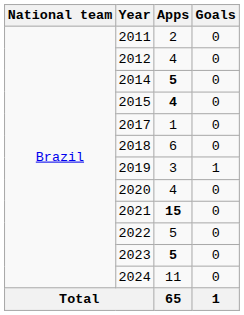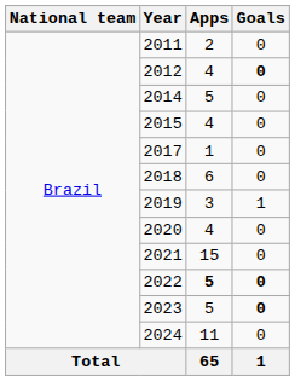 <table class=wikitable style=text-align:center>
 <tr>
 <th>National team</th>
 <th>Year</th>
 <th>Apps</th>
 <th>Goals</th>
 </tr>
 <tr>
 <td rowspan="12"><a href='#'>Brazil</a></td>
 <td>2011</td>
 <td>2</td>
 <td>0</td>
 </tr>
 <tr>
 <td>2012</td>
 <td>4</td>
-<td>0</td>
+<td><strong>0</strong></td>
 </tr>
 <tr>
 <td>2014</td>
-<td><strong>5</strong></td>
+<td>5</td>
 <td>0</td>
 </tr>
 <tr>
 <td>2015</td>
-<td><strong>4</strong></td>
+<td>4</td>
 <td>0</td>
 </tr>
 <tr>
 <td>2017</td>
 <td>1</td>
 <td>0</td>
 </tr>
 <tr>
 <td>2018</td>
 <td>6</td>
 <td>0</td>
 </tr>
 <tr>
 <td>2019</td>
 <td>3</td>
 <td>1</td>
 </tr>
 <tr>
 <td>2020</td>
 <td>4</td>
 <td>0</td>
 </tr>
 <tr>
 <td>2021</td>
-<td><strong>15</strong></td>
+<td>15</td>
 <td>0</td>
 </tr>
 <tr>
 <td>2022</td>
-<td>5</td>
-<td>0</td>
+<td><strong>5</strong></td>
+<td><strong>0</strong></td>
 </tr>
 <tr>
 <td>2023</td>
-<td><strong>5</strong></td>
-<td>0</td>
+<td>5</td>
+<td><strong>0</strong></td>
 </tr>
 <tr>
 <td>2024</td>
 <td>11</td>
 <td>0</td>
 </tr>
 <tr>
 <th colspan="2">Total</th>
 <th>65</th>
 <th>1</th>
 </tr>
 </table>
